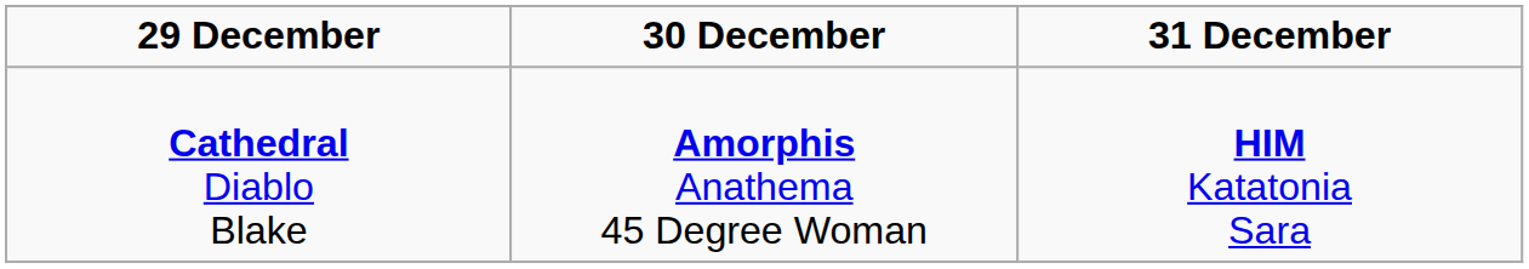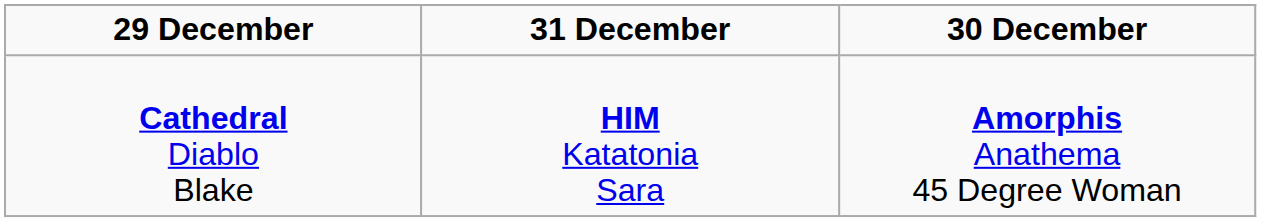 <table class="wikitable">
 <tr>
 <td colspan="1" style="text-align:center;"><strong>29 December</strong></td>
+<td colspan="1" style="text-align:center;"><strong>31 December</strong></td>
 <td colspan="1" style="text-align:center;"><strong>30 December</strong></td>
-<td colspan="1" style="text-align:center;"><strong>31 December</strong></td>
 </tr>
 <tr>
 <td style="text-align:center; vertical-align:top; width:200px;"><br><strong><a href='#'>Cathedral</a></strong><br> <a href='#'>Diablo</a><br> Blake<br></td>
+<td style="text-align:center; vertical-align:top; width:200px;"><br><strong><a href='#'>HIM</a></strong><br> <a href='#'>Katatonia</a><br> <a href='#'>Sara</a><br></td>
 <td style="text-align:center; vertical-align:top; width:200px;"><br><strong><a href='#'>Amorphis</a></strong><br> <a href='#'>Anathema</a><br> 45 Degree Woman<br></td>
-<td style="text-align:center; vertical-align:top; width:200px;"><br><strong><a href='#'>HIM</a></strong><br> <a href='#'>Katatonia</a><br> <a href='#'>Sara</a><br></td>
 </tr>
 </table>
